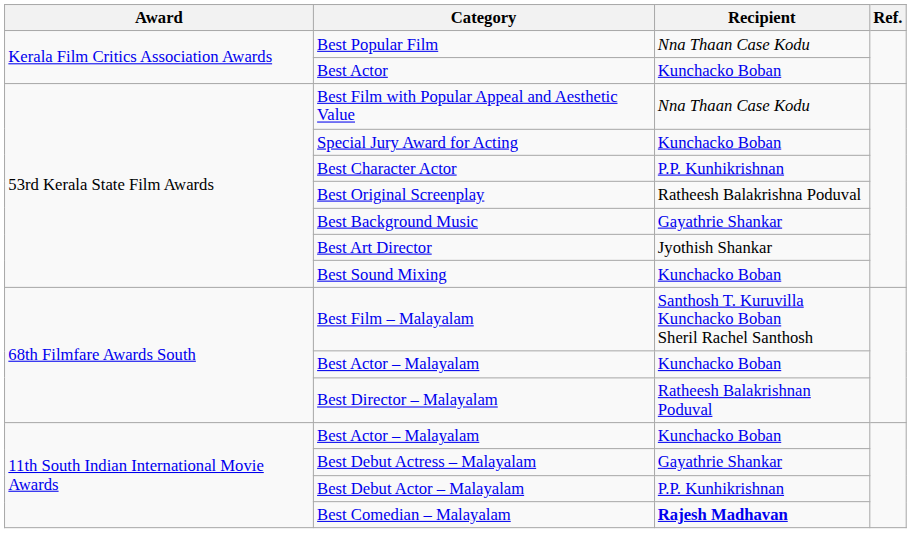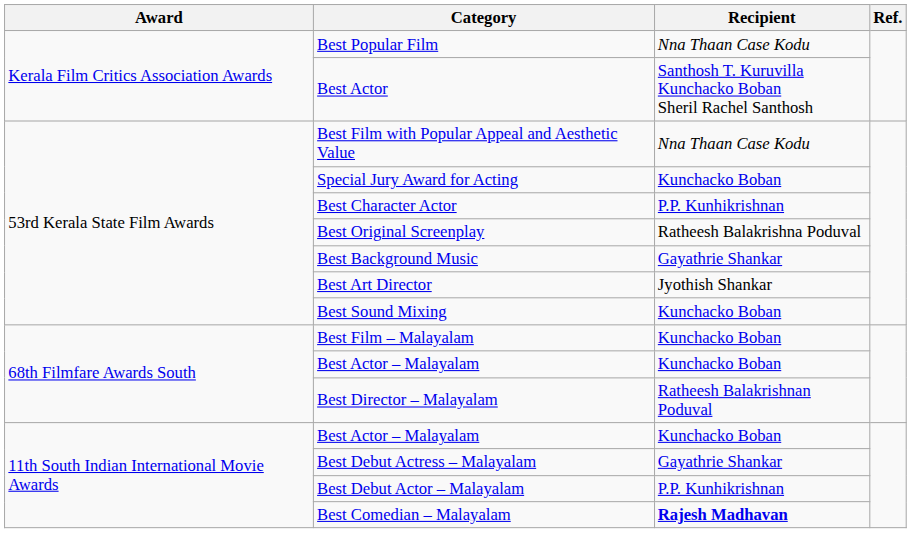 <table class="wikitable">
 <tr>
 <th>Award</th>
 <th>Category</th>
 <th>Recipient</th>
 <th>Ref.</th>
 </tr>
 <tr>
 <td rowspan="2"><a href='#'>Kerala Film Critics Association Awards</a></td>
 <td><a href='#'>Best Popular Film</a></td>
 <td><em>Nna Thaan Case Kodu</em></td>
 <td rowspan="2"></td>
 </tr>
 <tr>
 <td><a href='#'>Best Actor</a></td>
-<td><a href='#'>Kunchacko Boban</a></td>
+<td><a href='#'>Santhosh T. Kuruvilla</a><br><a href='#'>Kunchacko Boban</a><br>Sheril Rachel Santhosh</td>
 </tr>
 <tr>
 <td rowspan="7">53rd Kerala State Film Awards</td>
 <td><a href='#'>Best Film with Popular Appeal and Aesthetic Value</a></td>
 <td><em>Nna Thaan Case Kodu</em></td>
 <td rowspan="7"></td>
 </tr>
 <tr>
 <td><a href='#'>Special Jury Award for Acting</a></td>
 <td><a href='#'>Kunchacko Boban</a></td>
 </tr>
 <tr>
 <td><a href='#'>Best Character Actor</a></td>
 <td><a href='#'>P.P. Kunhikrishnan</a></td>
 </tr>
 <tr>
 <td><a href='#'>Best Original Screenplay</a></td>
 <td>Ratheesh Balakrishna Poduval</td>
 </tr>
 <tr>
 <td><a href='#'>Best Background Music</a></td>
 <td><a href='#'>Gayathrie Shankar</a></td>
 </tr>
 <tr>
 <td><a href='#'>Best Art Director</a></td>
 <td>Jyothish Shankar</td>
 </tr>
 <tr>
 <td><a href='#'>Best Sound Mixing</a></td>
 <td><a href='#'>Kunchacko Boban</a></td>
 </tr>
 <tr>
 <td rowspan="3"><a href='#'>68th Filmfare Awards South</a></td>
 <td><a href='#'>Best Film – Malayalam</a></td>
-<td><a href='#'>Santhosh T. Kuruvilla</a><br><a href='#'>Kunchacko Boban</a><br>Sheril Rachel Santhosh</td>
+<td><a href='#'>Kunchacko Boban</a></td>
 </tr>
 <tr>
 <td><a href='#'>Best Actor – Malayalam</a></td>
 <td><a href='#'>Kunchacko Boban</a></td>
 </tr>
 <tr>
 <td><a href='#'>Best Director – Malayalam</a></td>
 <td><a href='#'>Ratheesh Balakrishnan Poduval</a></td>
 </tr>
 <tr>
 <td rowspan="4"><a href='#'>11th South Indian International Movie Awards</a></td>
 <td><a href='#'>Best Actor – Malayalam</a></td>
 <td><a href='#'>Kunchacko Boban</a></td>
 <td rowspan="4"></td>
 </tr>
 <tr>
 <td><a href='#'>Best Debut Actress – Malayalam</a></td>
 <td><a href='#'>Gayathrie Shankar</a></td>
 </tr>
 <tr>
 <td><a href='#'>Best Debut Actor – Malayalam</a></td>
 <td><a href='#'>P.P. Kunhikrishnan</a></td>
 </tr>
 <tr>
 <td><a href='#'>Best Comedian – Malayalam</a></td>
 <td><strong><a href='#'>Rajesh Madhavan</a></strong></td>
 </tr>
 </table>
